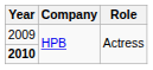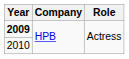 <table class = "wikitable sortable">
 <tr>
 <th>Year</th>
 <th>Company</th>
 <th class = "unsortable">Role</th>
 </tr>
 <tr>
-<td>2009</td>
+<td><strong>2009</strong></td>
 <td rowspan="2"><a href='#'>HPB</a></td>
 <td rowspan="2">Actress</td>
 </tr>
 <tr>
-<td><strong>2010</strong></td>
+<td>2010</td>
 </tr>
 </table>
